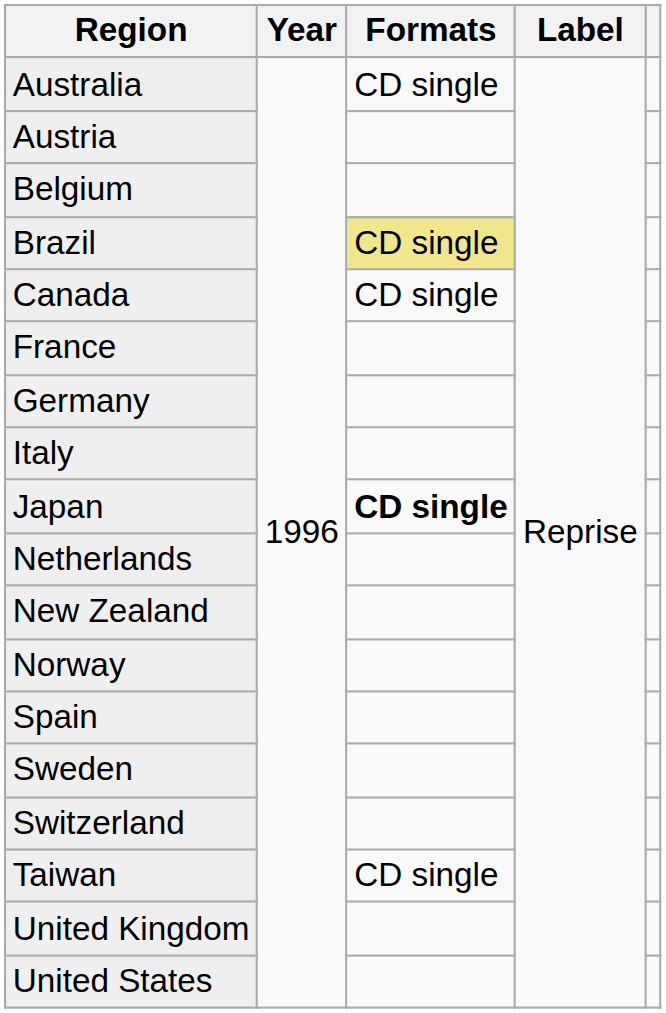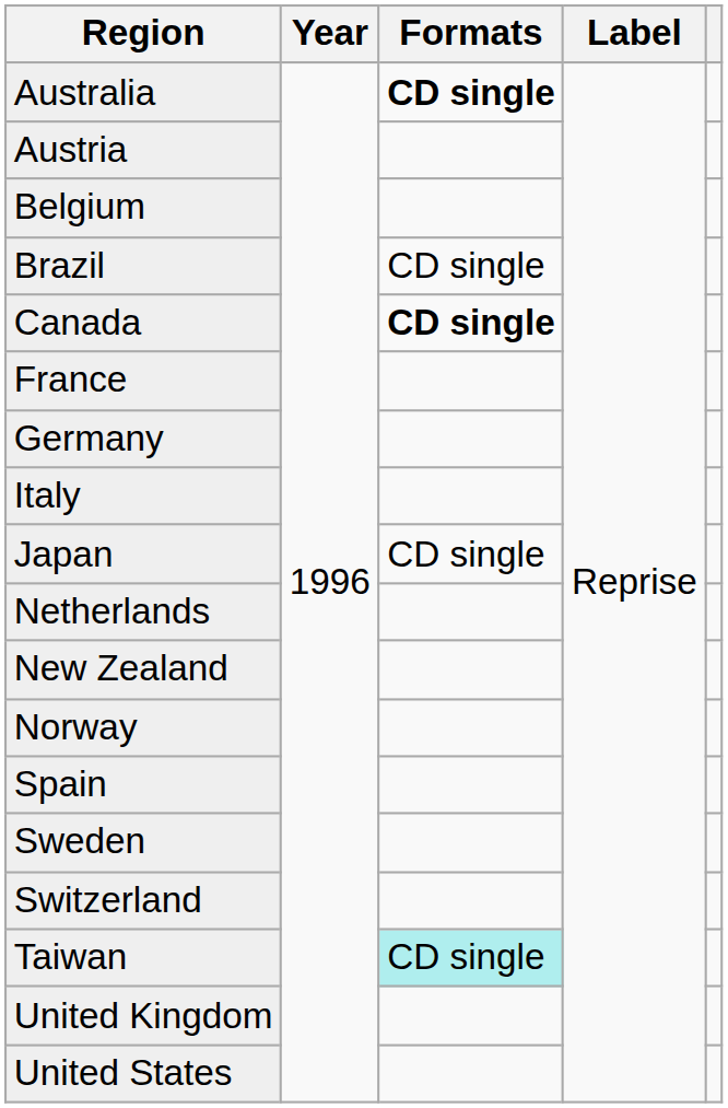 <table class="wikitable sortable">
 <tr>
 <th>Region</th>
 <th class="unsortable">Year</th>
 <th>Formats</th>
 <th class="unsortable">Label</th>
 <th class="unsortable"></th>
 </tr>
 <tr>
 <td bgcolor="#efefef">Australia</td>
 <td rowspan=18>1996</td>
-<td>CD single</td>
+<td><strong>CD single</strong></td>
 <td rowspan=18>Reprise<br></td>
 <td align="center"></td>
 </tr>
 <tr>
 <td bgcolor="#efefef">Austria</td>
 <td></td>
 <td align="center"></td>
 </tr>
 <tr>
 <td bgcolor="#efefef">Belgium</td>
 <td></td>
 <td align="center"></td>
 </tr>
 <tr>
 <td bgcolor="#efefef">Brazil</td>
-<td style="background: khaki;">CD single</td>
+<td>CD single</td>
 <td align="center"></td>
 </tr>
 <tr>
 <td bgcolor="#efefef">Canada</td>
-<td>CD single</td>
+<td><strong>CD single</strong></td>
 <td align="center"></td>
 </tr>
 <tr>
 <td bgcolor="#efefef">France</td>
 <td></td>
 <td align="center"></td>
 </tr>
 <tr>
 <td bgcolor="#efefef">Germany</td>
 <td></td>
 <td align="center"></td>
 </tr>
 <tr>
 <td bgcolor="#efefef">Italy</td>
 <td></td>
 <td align="center"></td>
 </tr>
 <tr>
 <td bgcolor="#efefef">Japan</td>
-<td><strong>CD single</strong></td>
+<td>CD single</td>
 <td align="center"></td>
 </tr>
 <tr>
 <td bgcolor="#efefef">Netherlands</td>
 <td></td>
 <td align="center"></td>
 </tr>
 <tr>
 <td bgcolor="#efefef">New Zealand</td>
 <td></td>
 <td align="center"></td>
 </tr>
 <tr>
 <td bgcolor="#efefef">Norway</td>
 <td></td>
 <td align="center"></td>
 </tr>
 <tr>
 <td bgcolor="#efefef">Spain</td>
 <td></td>
 <td align="center"></td>
 </tr>
 <tr>
 <td bgcolor="#efefef">Sweden</td>
 <td></td>
 <td align="center"></td>
 </tr>
 <tr>
 <td bgcolor="#efefef">Switzerland</td>
 <td></td>
 <td align="center"></td>
 </tr>
 <tr>
 <td bgcolor="#efefef">Taiwan</td>
-<td>CD single</td>
+<td style="background: paleturquoise;">CD single</td>
 <td align="center"></td>
 </tr>
 <tr>
 <td bgcolor="#efefef">United Kingdom</td>
 <td></td>
 <td align="center"></td>
 </tr>
 <tr>
 <td bgcolor="#efefef">United States</td>
 <td></td>
 <td align="center"></td>
 </tr>
 </table>
